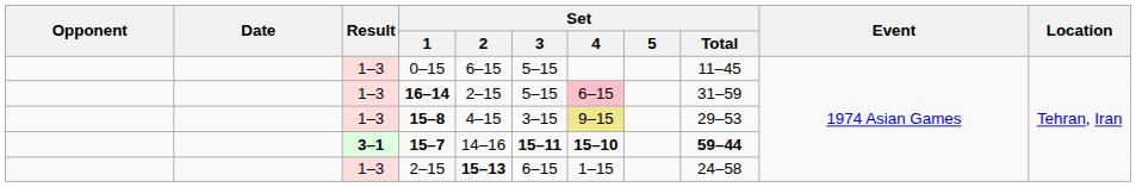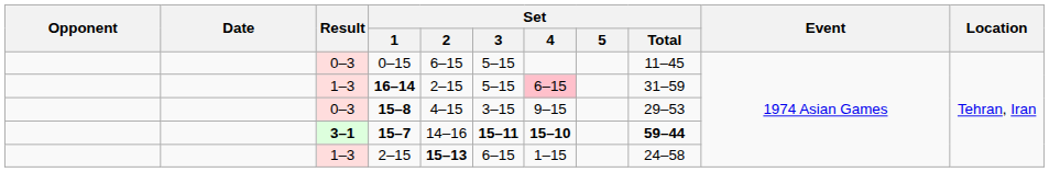 <table class="wikitable" style="font-size: 90%">
 <tr>
 <th rowspan=2 width=15%>Opponent</th>
 <th rowspan=2 width=15%>Date</th>
 <th rowspan=2 width=5%>Result</th>
 <th colspan=6>Set</th>
 <th rowspan=2 width=24%>Event</th>
 <th rowspan=2 width=16%>Location</th>
 </tr>
 <tr>
 <th width=5%>1</th>
 <th width=5%>2</th>
 <th width=5%>3</th>
 <th width=5%>4</th>
 <th width=5%>5</th>
 <th width=7%>Total</th>
 </tr>
 <tr style="text-align:center;">
 <td style="text-align:left;"></td>
 <td></td>
-<td style="background:#ffdddd;">1–3</td>
+<td style="background:#ffdddd;">0–3</td>
 <td>0–15</td>
 <td>6–15</td>
 <td>5–15</td>
 <td></td>
 <td></td>
 <td>11–45</td>
 <td rowspan=5><a href='#'>1974 Asian Games</a></td>
 <td rowspan=5><a href='#'>Tehran</a>, <a href='#'>Iran</a></td>
 </tr>
 <tr style="text-align:center;">
 <td style="text-align:left;"></td>
 <td></td>
 <td style="background:#ffdddd;">1–3</td>
 <td><strong>16–14</strong></td>
 <td>2–15</td>
 <td>5–15</td>
 <td style="background: pink;">6–15</td>
 <td></td>
 <td>31–59</td>
 </tr>
 <tr style="text-align:center;">
 <td style="text-align:left;"></td>
 <td></td>
-<td style="background:#ffdddd;">1–3</td>
+<td style="background:#ffdddd;">0–3</td>
 <td><strong>15–8</strong></td>
 <td>4–15</td>
 <td>3–15</td>
-<td style="background: khaki;">9–15</td>
+<td>9–15</td>
 <td></td>
 <td>29–53</td>
 </tr>
 <tr style="text-align:center;">
 <td style="text-align:left;"></td>
 <td></td>
 <td style="background:#ddffdd;"><strong>3–1</strong></td>
 <td><strong>15–7</strong></td>
 <td>14–16</td>
 <td><strong>15–11</strong></td>
 <td><strong>15–10</strong></td>
 <td></td>
 <td><strong>59–44</strong></td>
 </tr>
 <tr style="text-align:center;">
 <td style="text-align:left;"></td>
 <td></td>
 <td style="background:#ffdddd;">1–3</td>
 <td>2–15</td>
 <td><strong>15–13</strong></td>
 <td>6–15</td>
 <td>1–15</td>
 <td></td>
 <td>24–58</td>
 </tr>
 </table>
